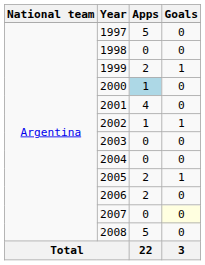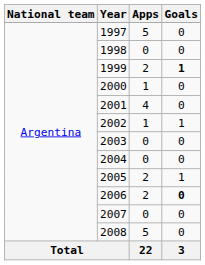 <table class="wikitable" style="text-align:center">
 <tr>
 <th>National team</th>
 <th>Year</th>
 <th>Apps</th>
 <th>Goals</th>
 </tr>
 <tr>
 </tr>
 <tr>
 <td rowspan="12"><a href='#'>Argentina</a></td>
 <td>1997</td>
 <td>5</td>
 <td>0</td>
 </tr>
 <tr>
 <td>1998</td>
 <td>0</td>
 <td>0</td>
 </tr>
 <tr>
 <td>1999</td>
 <td>2</td>
-<td>1</td>
+<td><strong>1</strong></td>
 </tr>
 <tr>
 <td>2000</td>
-<td style="background: lightblue;">1</td>
+<td>1</td>
 <td>0</td>
 </tr>
 <tr>
 <td>2001</td>
 <td>4</td>
 <td>0</td>
 </tr>
 <tr>
 <td>2002</td>
 <td>1</td>
 <td>1</td>
 </tr>
 <tr>
 <td>2003</td>
 <td>0</td>
 <td>0</td>
 </tr>
 <tr>
 <td>2004</td>
 <td>0</td>
 <td>0</td>
 </tr>
 <tr>
 <td>2005</td>
 <td>2</td>
 <td>1</td>
 </tr>
 <tr>
 <td>2006</td>
 <td>2</td>
-<td>0</td>
+<td><strong>0</strong></td>
 </tr>
 <tr>
 <td>2007</td>
 <td>0</td>
-<td style="background: lightyellow;">0</td>
+<td>0</td>
 </tr>
 <tr>
 <td>2008</td>
 <td>5</td>
 <td>0</td>
 </tr>
 <tr>
 <th colspan="2">Total</th>
 <th>22</th>
 <th>3</th>
 </tr>
 </table>
